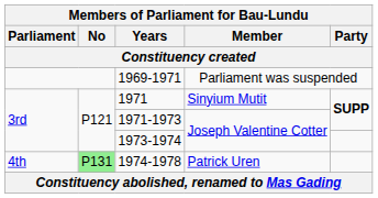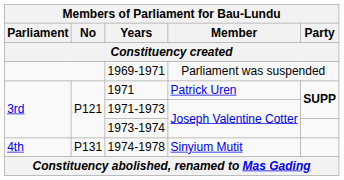 <table class=wikitable>
 <tr>
 <th colspan="5">Members of Parliament for Bau-Lundu</th>
 </tr>
 <tr>
 <th>Parliament</th>
 <th>No</th>
 <th>Years</th>
 <th>Member</th>
 <th>Party</th>
 </tr>
 <tr>
 <th colspan="5" align="center"><em>Constituency created</em></th>
 </tr>
 <tr>
 <td colspan="2"></td>
 <td>1969-1971</td>
 <td colspan=2 align=center>Parliament was suspended</td>
 </tr>
 <tr>
 <td rowspan=3><a href='#'>3rd</a></td>
 <td rowspan="3">P121</td>
 <td>1971</td>
-<td><a href='#'>Sinyium Mutit</a></td>
+<td><a href='#'>Patrick Uren</a></td>
 <td rowspan=2><strong>SUPP</strong></td>
 </tr>
 <tr>
 <td>1971-1973</td>
 <td rowspan=2><a href='#'>Joseph Valentine Cotter</a></td>
 </tr>
 <tr>
 <td>1973-1974</td>
 <td></td>
 </tr>
 <tr>
 <td><a href='#'>4th</a></td>
-<td style="background: lightgreen;">P131</td>
+<td>P131</td>
 <td>1974-1978</td>
-<td><a href='#'>Patrick Uren</a></td>
+<td><a href='#'>Sinyium Mutit</a></td>
 <td></td>
 </tr>
 <tr>
 <th colspan="5" align="center"><em>Constituency abolished, renamed to <a href='#'>Mas Gading</a></em></th>
 </tr>
 </table>
